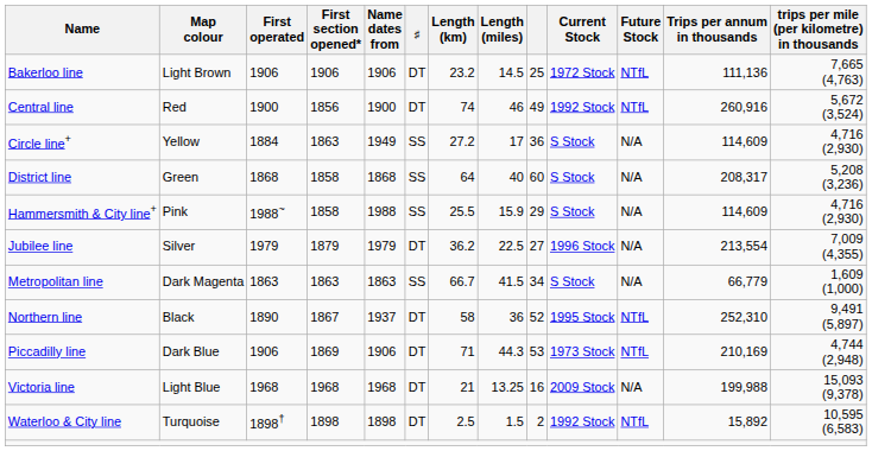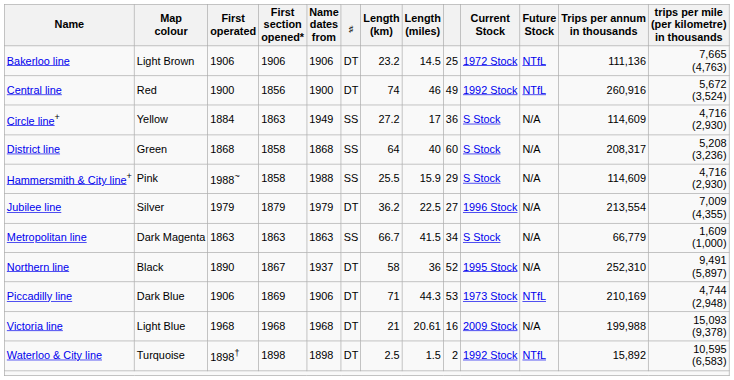 <table class="sortable wikitable">
 <tr>
 <th>Name</th>
 <th class="unsortable">Map<br>colour</th>
 <th>First<br>operated</th>
 <th>First<br>section<br>opened*</th>
 <th>Name<br>dates<br>from</th>
 <th><br><sup>♯</sup></th>
 <th>Length<br>(km)</th>
 <th>Length<br>(miles)</th>
 <th></th>
 <th>Current<br>Stock</th>
 <th>Future<br>Stock</th>
 <th>Trips per annum<br>in thousands</th>
 <th> trips per mile<br>(per kilometre)<br>in thousands</th>
 </tr>
 <tr>
 <td style="text-align:left;"><a href='#'>Bakerloo line</a></td>
 <td style="background:#">Light Brown</td>
 <td>1906</td>
 <td>1906</td>
 <td>1906</td>
 <td>DT</td>
 <td style="text-align:right;">23.2</td>
 <td style="text-align:right;">14.5</td>
 <td style="text-align:right;">25</td>
 <td><a href='#'>1972 Stock</a></td>
 <td><a href='#'>NTfL</a></td>
 <td style="text-align:right;">111,136</td>
 <td style="text-align:right;">7,665<br>(4,763)</td>
 </tr>
 <tr>
 <td style="text-align:left;"><a href='#'>Central line</a></td>
 <td style="background:#">Red</td>
 <td>1900</td>
 <td>1856</td>
 <td>1900</td>
 <td>DT</td>
 <td style="text-align:right;">74</td>
 <td style="text-align:right;">46</td>
 <td style="text-align:right;">49</td>
 <td><a href='#'>1992 Stock</a></td>
 <td><a href='#'>NTfL</a></td>
 <td style="text-align:right;">260,916</td>
 <td style="text-align:right;">5,672<br>(3,524)</td>
 </tr>
 <tr>
 <td style="text-align:left;"><a href='#'>Circle line</a><sup>+</sup></td>
 <td style="background:#">Yellow</td>
 <td>1884</td>
 <td>1863</td>
 <td>1949</td>
 <td>SS</td>
 <td style="text-align:right;">27.2</td>
 <td style="text-align:right;">17</td>
 <td style="text-align:right;">36</td>
 <td><a href='#'>S Stock</a></td>
 <td>N/A</td>
 <td style="text-align:right;">114,609</td>
 <td style="text-align:right;">4,716<br>(2,930)</td>
 </tr>
 <tr>
 <td style="text-align:left;"><a href='#'>District line</a></td>
 <td style="background:#">Green</td>
 <td>1868</td>
 <td>1858</td>
 <td>1868</td>
 <td>SS</td>
 <td style="text-align:right;">64</td>
 <td style="text-align:right;">40</td>
 <td style="text-align:right;">60</td>
 <td><a href='#'>S Stock</a></td>
 <td>N/A</td>
 <td style="text-align:right;">208,317</td>
 <td style="text-align:right;">5,208<br>(3,236)</td>
 </tr>
 <tr>
 <td style="text-align:left;"><a href='#'>Hammersmith & City line</a><sup>+</sup></td>
 <td style="background:#">Pink</td>
 <td>1988<sup>~</sup></td>
 <td>1858</td>
 <td>1988</td>
 <td>SS</td>
 <td style="text-align:right;">25.5</td>
 <td style="text-align:right;">15.9</td>
 <td style="text-align:right;">29</td>
 <td><a href='#'>S Stock</a></td>
 <td>N/A</td>
 <td style="text-align:right;">114,609</td>
 <td style="text-align:right;">4,716<br>(2,930)</td>
 </tr>
 <tr>
 <td style="text-align:left;"><a href='#'>Jubilee line</a></td>
 <td style="background:#">Silver</td>
 <td>1979</td>
 <td>1879 </td>
 <td>1979</td>
 <td>DT</td>
 <td style="text-align:right;">36.2</td>
 <td style="text-align:right;">22.5</td>
 <td style="text-align:right;">27</td>
 <td><a href='#'>1996 Stock</a></td>
 <td>N/A</td>
 <td style="text-align:right;">213,554</td>
 <td style="text-align:right;">7,009<br>(4,355)</td>
 </tr>
 <tr>
 <td style="text-align:left;"><a href='#'>Metropolitan line</a></td>
 <td style="background:#">Dark Magenta</td>
 <td>1863</td>
 <td>1863</td>
 <td>1863</td>
 <td>SS</td>
 <td style="text-align:right;">66.7</td>
 <td style="text-align:right;">41.5</td>
 <td style="text-align:right;">34</td>
 <td><a href='#'>S Stock</a></td>
 <td>N/A</td>
 <td style="text-align:right;">66,779</td>
 <td style="text-align:right;">1,609<br>(1,000)</td>
 </tr>
 <tr>
 <td style="text-align:left;"><a href='#'>Northern line</a></td>
 <td style="background:#">Black</td>
 <td>1890</td>
 <td>1867</td>
 <td>1937</td>
 <td>DT</td>
 <td style="text-align:right;">58</td>
 <td style="text-align:right;">36</td>
 <td style="text-align:right;">52</td>
 <td><a href='#'>1995 Stock</a></td>
-<td><a href='#'>NTfL</a></td>
+<td>N/A</td>
 <td style="text-align:right;">252,310</td>
 <td style="text-align:right;">9,491<br>(5,897)</td>
 </tr>
 <tr>
 <td style="text-align:left;"><a href='#'>Piccadilly line</a></td>
 <td style="background:#">Dark Blue</td>
 <td>1906</td>
 <td>1869</td>
 <td>1906</td>
 <td>DT</td>
 <td style="text-align:right;">71</td>
 <td style="text-align:right;">44.3</td>
 <td style="text-align:right;">53</td>
 <td><a href='#'>1973 Stock</a></td>
 <td><a href='#'>NTfL</a></td>
 <td style="text-align:right;">210,169</td>
 <td style="text-align:right;">4,744<br>(2,948)</td>
 </tr>
 <tr>
 <td style="text-align:left;"><a href='#'>Victoria line</a></td>
 <td style="background:#">Light Blue</td>
 <td>1968</td>
 <td>1968</td>
 <td>1968</td>
 <td>DT</td>
 <td style="text-align:right;">21</td>
-<td style="text-align:right;">13.25</td>
+<td style="text-align:right;">20.61</td>
 <td style="text-align:right;">16</td>
 <td><a href='#'>2009 Stock</a></td>
 <td>N/A</td>
 <td style="text-align:right;">199,988</td>
 <td style="text-align:right;">15,093<br>(9,378)</td>
 </tr>
 <tr>
 <td style="text-align:left;"><a href='#'>Waterloo & City line</a></td>
 <td style="background:#">Turquoise</td>
 <td>1898<sup>†</sup></td>
 <td>1898</td>
 <td>1898</td>
 <td>DT</td>
 <td style="text-align:right;">2.5</td>
 <td style="text-align:right;">1.5</td>
 <td style="text-align:right;">2</td>
 <td><a href='#'>1992 Stock</a></td>
 <td><a href='#'>NTfL</a></td>
 <td style="text-align:right;">15,892</td>
 <td style="text-align:right;">10,595<br>(6,583)</td>
 </tr>
 <tr class="sortbottom">
 <td colspan="13" style="text-align:left;"></td>
 </tr>
 </table>
